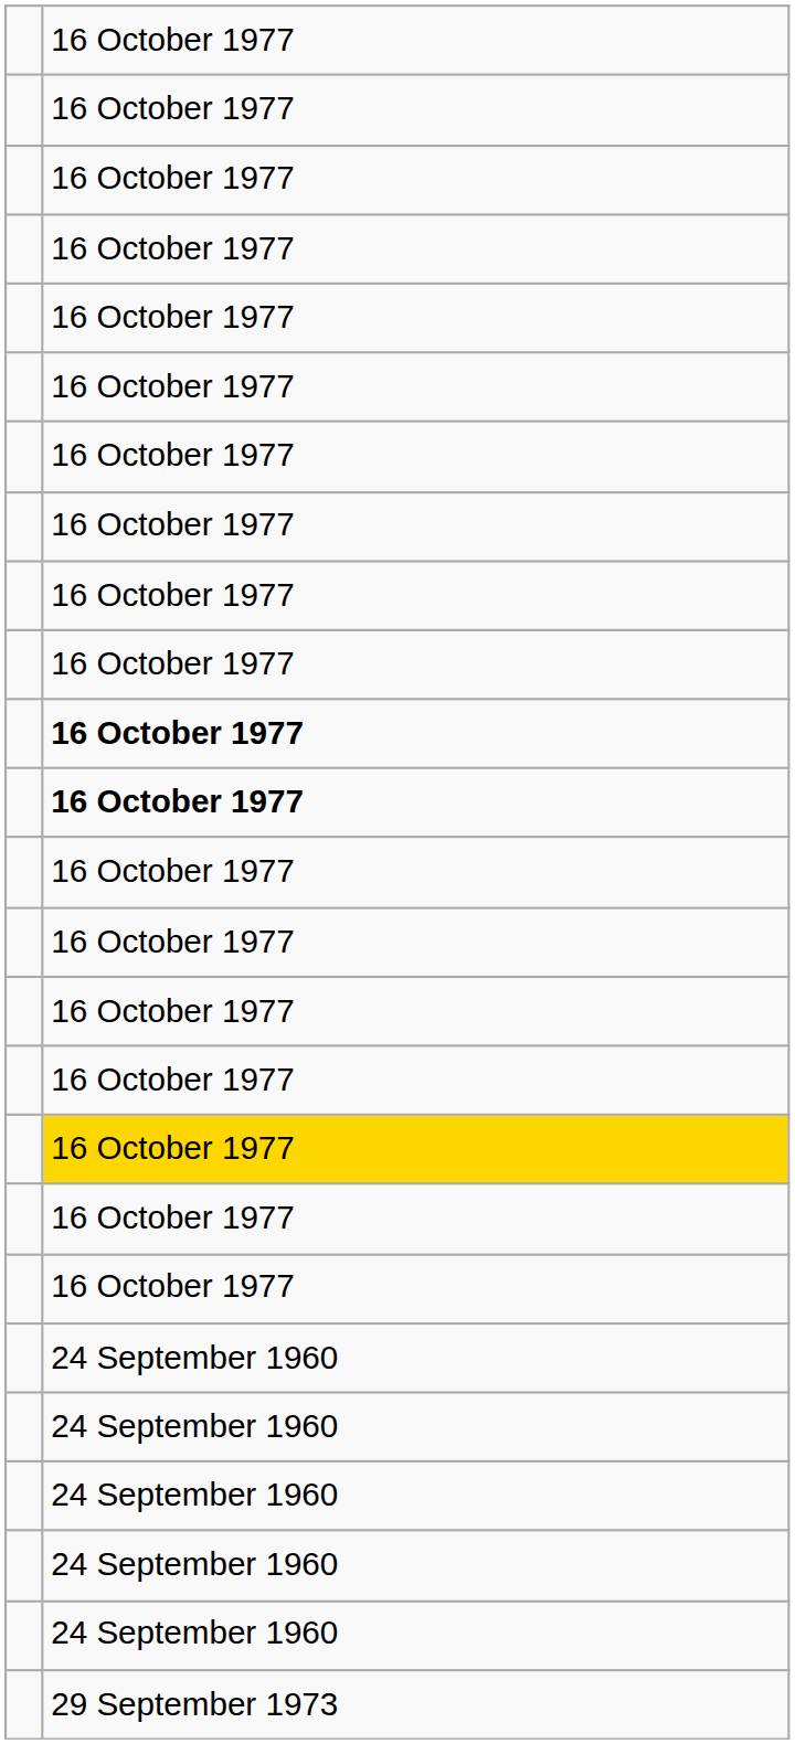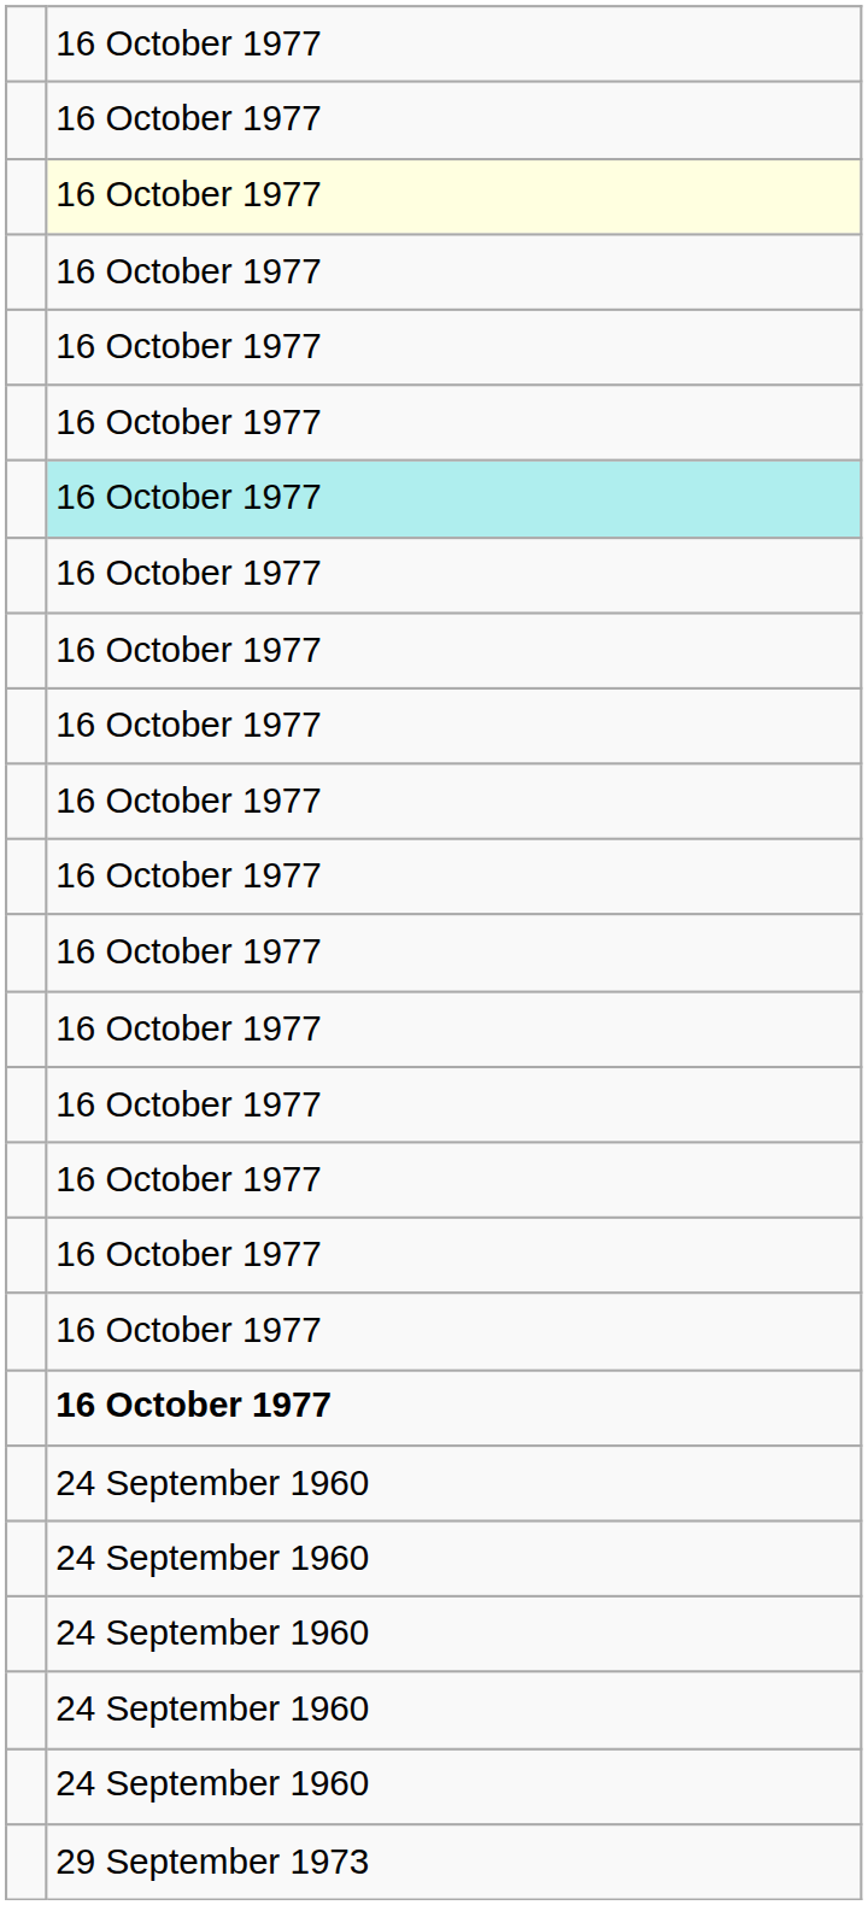 <table class="wikitable" style="font-size: 89%; float: left; width: 24em; margin-right: 1em; line-height: 1.65em">
+<tr>
+<td></td>
+<td>16 October 1977</td>
+</tr>
+<tr>
+<td></td>
+<td>16 October 1977</td>
+</tr>
+<tr>
+<td></td>
+<td style="background: lightyellow;">16 October 1977</td>
+</tr>
+<tr>
+<td></td>
+<td>16 October 1977</td>
+</tr>
+<tr>
+<td></td>
+<td>16 October 1977</td>
+</tr>
+<tr>
+<td></td>
+<td>16 October 1977</td>
+</tr>
+<tr>
+<td></td>
+<td style="background: paleturquoise;">16 October 1977</td>
+</tr>
+<tr>
+<td></td>
+<td>16 October 1977</td>
+</tr>
 <tr>
 <td></td>
 <td>16 October 1977</td>
 </tr>
 <tr>
 <td></td>
 <td>16 October 1977</td>
 </tr>
 <tr>
 <td></td>
 <td>16 October 1977</td>
 </tr>
 <tr>
 <td></td>
 <td>16 October 1977</td>
 </tr>
 <tr>
 <td></td>
 <td>16 October 1977</td>
 </tr>
 <tr>
 <td></td>
 <td>16 October 1977</td>
 </tr>
 <tr>
 <td></td>
 <td>16 October 1977</td>
 </tr>
 <tr>
 <td></td>
 <td>16 October 1977</td>
 </tr>
 <tr>
 <td></td>
 <td>16 October 1977</td>
 </tr>
 <tr>
 <td></td>
 <td>16 October 1977</td>
 </tr>
 <tr>
 <td></td>
 <td><strong>16 October 1977</strong></td>
 </tr>
 <tr>
 <td></td>
-<td><strong>16 October 1977</strong></td>
-</tr>
-<tr>
-<td></td>
-<td>16 October 1977</td>
-</tr>
-<tr>
-<td></td>
-<td>16 October 1977</td>
-</tr>
-<tr>
-<td></td>
-<td>16 October 1977</td>
-</tr>
-<tr>
-<td></td>
-<td>16 October 1977</td>
-</tr>
-<tr>
-<td></td>
-<td style="background: gold;">16 October 1977</td>
-</tr>
-<tr>
-<td></td>
-<td>16 October 1977</td>
-</tr>
-<tr>
-<td></td>
-<td>16 October 1977</td>
-</tr>
-<tr>
-<td></td>
 <td>24 September 1960</td>
 </tr>
 <tr>
 <td></td>
 <td>24 September 1960</td>
 </tr>
 <tr>
 <td></td>
 <td>24 September 1960</td>
 </tr>
 <tr>
 <td></td>
 <td>24 September 1960</td>
 </tr>
 <tr>
 <td></td>
 <td>24 September 1960</td>
 </tr>
 <tr>
 <td></td>
 <td>29 September 1973</td>
 </tr>
 </table>
